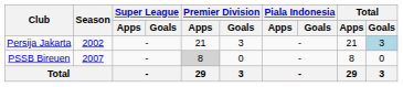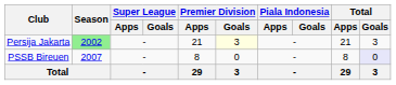 <table class="wikitable" style="font-size:90%; text-align:center;">
 <tr>
 <th rowspan="2">Club</th>
 <th rowspan="2">Season</th>
 <th colspan="2"><a href='#'>Super League</a></th>
 <th colspan="2"><a href='#'>Premier Division</a></th>
 <th colspan="2"><a href='#'>Piala Indonesia</a></th>
 <th colspan="2">Total</th>
 </tr>
 <tr>
 <th>Apps</th>
 <th>Goals</th>
 <th>Apps</th>
 <th>Goals</th>
 <th>Apps</th>
 <th>Goals</th>
 <th>Apps</th>
 <th>Goals</th>
 </tr>
 <tr>
 <td rowspan="1"><a href='#'>Persija Jakarta</a></td>
-<td><a href='#'>2002</a></td>
+<td style="background: lightgreen;"><a href='#'>2002</a></td>
+<td colspan="2">-</td>
+<td>21</td>
+<td style="background: lightyellow;">3</td>
 <td colspan="2">-</td>
 <td>21</td>
 <td>3</td>
-<td colspan="2">-</td>
-<td>21</td>
-<td style="background: lightblue;">3</td>
 </tr>
 <tr>
 <td rowspan="1"><a href='#'>PSSB Bireuen</a></td>
 <td><a href='#'>2007</a></td>
 <td colspan="2">-</td>
-<td style="background: lightgrey;">8</td>
+<td>8</td>
 <td>0</td>
 <td colspan="2">-</td>
 <td>8</td>
-<td>0</td>
+<td style="background: lavender;">0</td>
 </tr>
 <tr>
 <th colspan="2">Total</th>
 <th colspan="2">-</th>
 <th>29</th>
 <th>3</th>
 <th colspan="2">-</th>
 <th>29</th>
 <th>3</th>
 </tr>
 </table>
